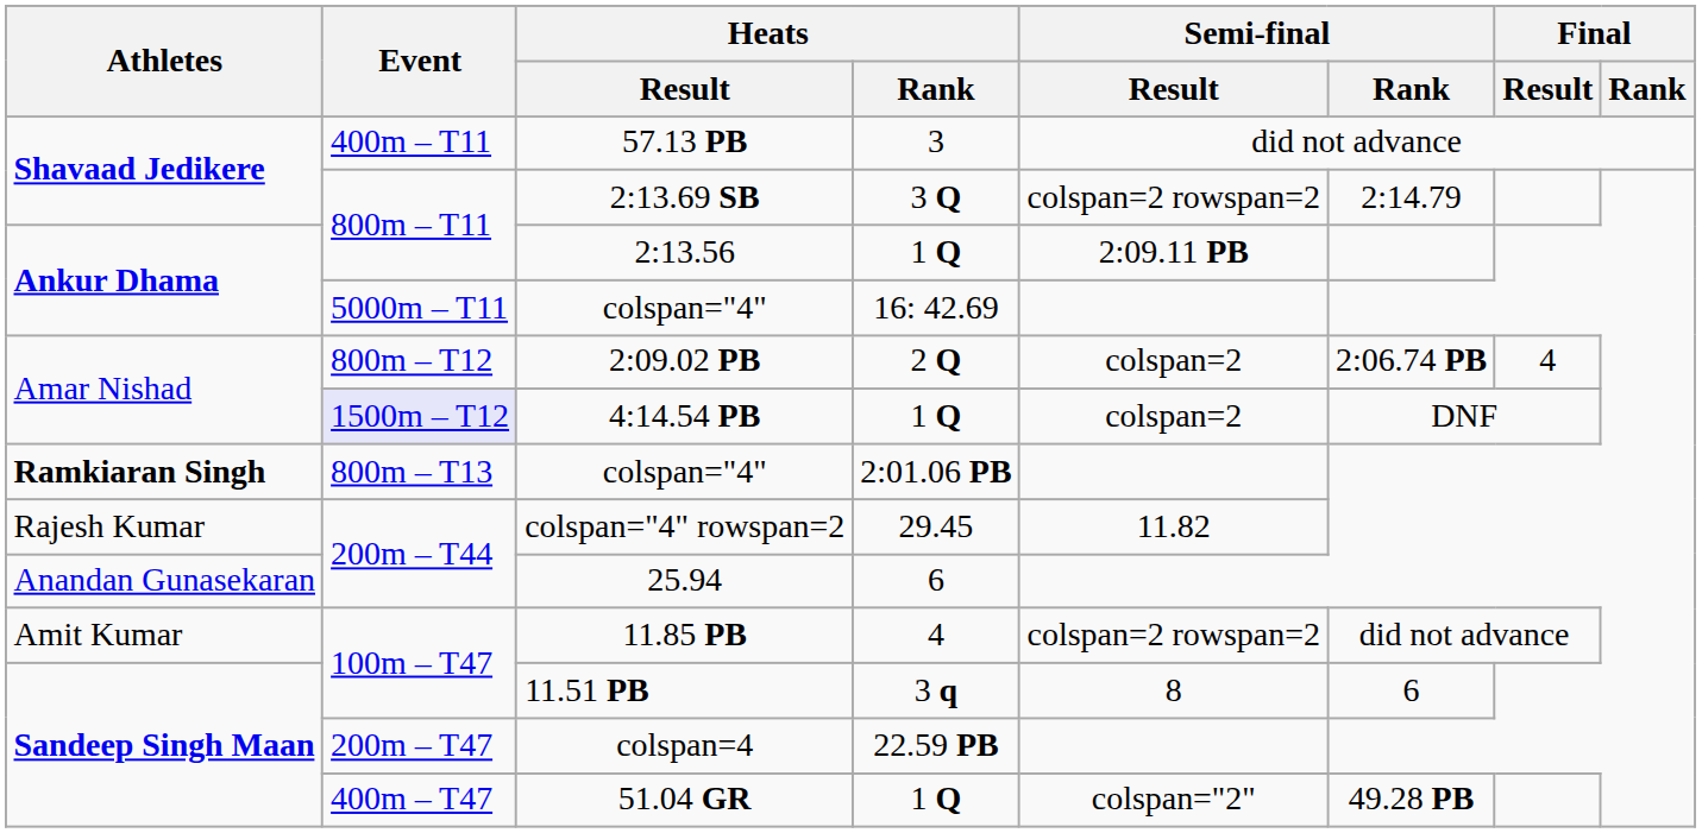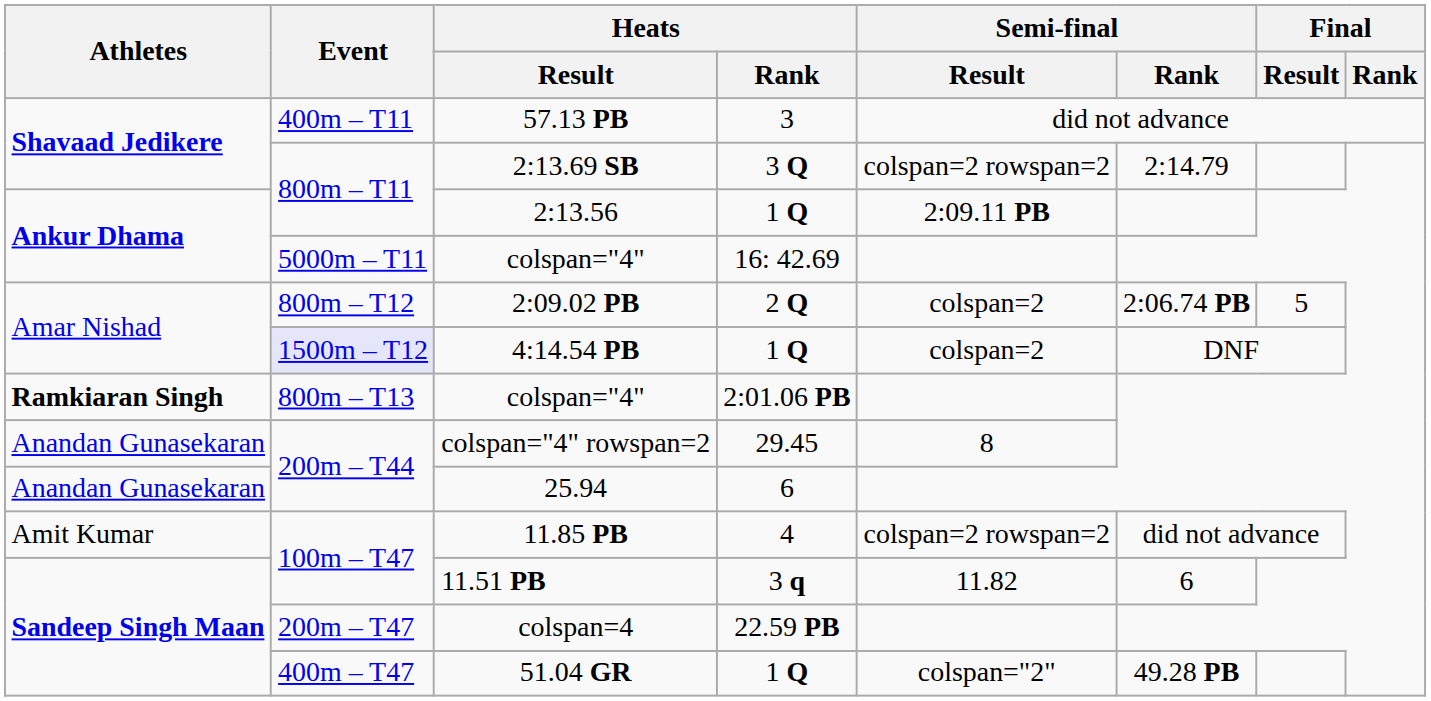 <table class="wikitable" style="text-align:center; font-size:90%">
 <tr>
 <th rowspan=2>Athletes</th>
 <th rowspan=2>Event</th>
 <th colspan=2>Heats</th>
 <th colspan=2>Semi-final</th>
 <th colspan=2>Final</th>
 </tr>
 <tr>
 <th>Result</th>
 <th>Rank</th>
 <th>Result</th>
 <th>Rank</th>
 <th>Result</th>
 <th>Rank</th>
 </tr>
 <tr>
 <td align=left rowspan=2><strong><a href='#'>Shavaad Jedikere</a></strong></td>
 <td align=left><a href='#'>400m – T11</a></td>
 <td>57.13 <strong>PB</strong></td>
 <td>3</td>
 <td colspan=4>did not advance</td>
 </tr>
 <tr>
 <td align=left rowspan=2><a href='#'>800m – T11</a></td>
 <td>2:13.69 <strong>SB</strong></td>
 <td>3 <strong>Q</strong></td>
 <td>colspan=2 rowspan=2 </td>
 <td>2:14.79</td>
 <td></td>
 </tr>
 <tr>
 <td align=left rowspan=2><strong><a href='#'>Ankur Dhama</a></strong></td>
 <td>2:13.56</td>
 <td>1 <strong>Q</strong></td>
 <td>2:09.11 <strong>PB</strong></td>
 <td></td>
 </tr>
 <tr>
 <td align=left><a href='#'>5000m – T11</a></td>
 <td>colspan="4" </td>
 <td>16: 42.69</td>
 <td></td>
 </tr>
 <tr>
 <td align=left rowspan=2><a href='#'>Amar Nishad</a></td>
 <td align=left><a href='#'>800m – T12</a></td>
 <td>2:09.02 <strong>PB</strong></td>
 <td>2 <strong>Q</strong></td>
 <td>colspan=2 </td>
 <td>2:06.74 <strong>PB</strong></td>
-<td>4</td>
+<td>5</td>
 </tr>
 <tr>
 <td align=left style="background: lavender;"><a href='#'>1500m – T12</a></td>
 <td>4:14.54 <strong>PB</strong></td>
 <td>1 <strong>Q</strong></td>
 <td>colspan=2 </td>
 <td colspan=2>DNF</td>
 </tr>
 <tr>
 <td align=left><strong>Ramkiaran Singh</strong></td>
 <td align=left><a href='#'>800m – T13</a></td>
 <td>colspan="4" </td>
 <td>2:01.06 <strong>PB</strong></td>
 <td></td>
 </tr>
 <tr>
-<td align=left>Rajesh Kumar</td>
+<td align=left><a href='#'>Anandan Gunasekaran</a></td>
 <td align=left rowspan=2><a href='#'>200m – T44</a></td>
 <td>colspan="4" rowspan=2 </td>
 <td>29.45</td>
-<td>11.82</td>
+<td>8</td>
 </tr>
 <tr>
 <td align=left><a href='#'>Anandan Gunasekaran</a></td>
 <td>25.94</td>
 <td>6</td>
 </tr>
 <tr>
 <td align=left>Amit Kumar</td>
 <td align=left rowspan=2><a href='#'>100m – T47</a></td>
 <td>11.85 <strong>PB</strong></td>
 <td>4</td>
 <td>colspan=2 rowspan=2 </td>
 <td colspan=2>did not advance</td>
 </tr>
 <tr>
 <td align=left rowspan=3><strong><a href='#'>Sandeep Singh Maan</a></strong></td>
 <td align=left>11.51 <strong>PB</strong></td>
 <td>3 <strong>q</strong></td>
-<td>8</td>
+<td>11.82</td>
 <td>6</td>
 </tr>
 <tr>
 <td align=left><a href='#'>200m – T47</a></td>
 <td>colspan=4 </td>
 <td>22.59 <strong>PB</strong></td>
 <td></td>
 </tr>
 <tr>
 <td align=left><a href='#'>400m – T47</a></td>
 <td>51.04 <strong>GR</strong></td>
 <td>1 <strong>Q</strong></td>
 <td>colspan="2" </td>
 <td>49.28 <strong>PB</strong></td>
 <td></td>
 </tr>
 </table>
